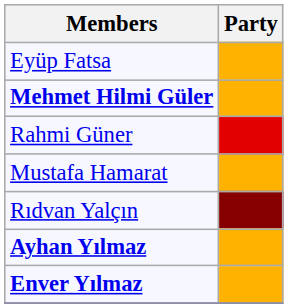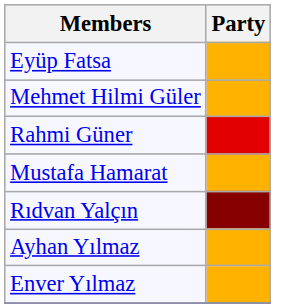 <table class=wikitable style="border:1px solid #8888aa; background-color:#f7f8ff; padding:0px; font-size:90%;">
 <tr>
 <th>Members</th>
 <th colspan="2">Party</th>
 </tr>
 <tr>
 <td><a href='#'>Eyüp Fatsa</a></td>
 <td style="background: #ffb300"></td>
 </tr>
 <tr>
-<td><strong><a href='#'>Mehmet Hilmi Güler</a></strong></td>
+<td><a href='#'>Mehmet Hilmi Güler</a></td>
 <td style="background: #ffb300"></td>
 </tr>
 <tr>
 <td><a href='#'>Rahmi Güner</a></td>
 <td style="background: #e30000"></td>
 </tr>
 <tr>
 <td><a href='#'>Mustafa Hamarat</a></td>
 <td style="background: #ffb300"></td>
 </tr>
 <tr>
 <td><a href='#'>Rıdvan Yalçın</a></td>
 <td style="background: #870000"></td>
 </tr>
 <tr>
-<td><strong><a href='#'>Ayhan Yılmaz</a></strong></td>
+<td><a href='#'>Ayhan Yılmaz</a></td>
 <td style="background: #ffb300"></td>
 </tr>
 <tr>
-<td><strong><a href='#'>Enver Yılmaz</a></strong></td>
+<td><a href='#'>Enver Yılmaz</a></td>
 <td style="background: #ffb300"></td>
 </tr>
 <tr>
 </tr>
 </table>
